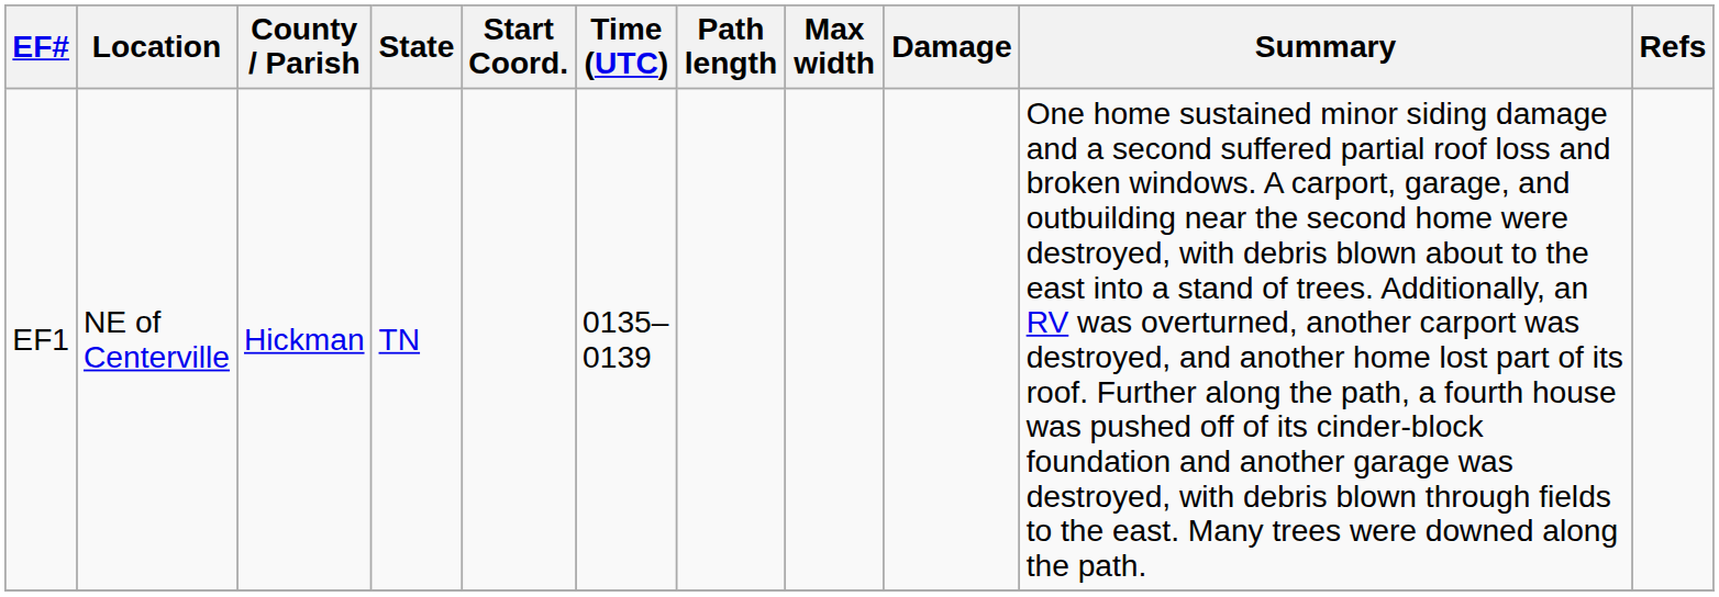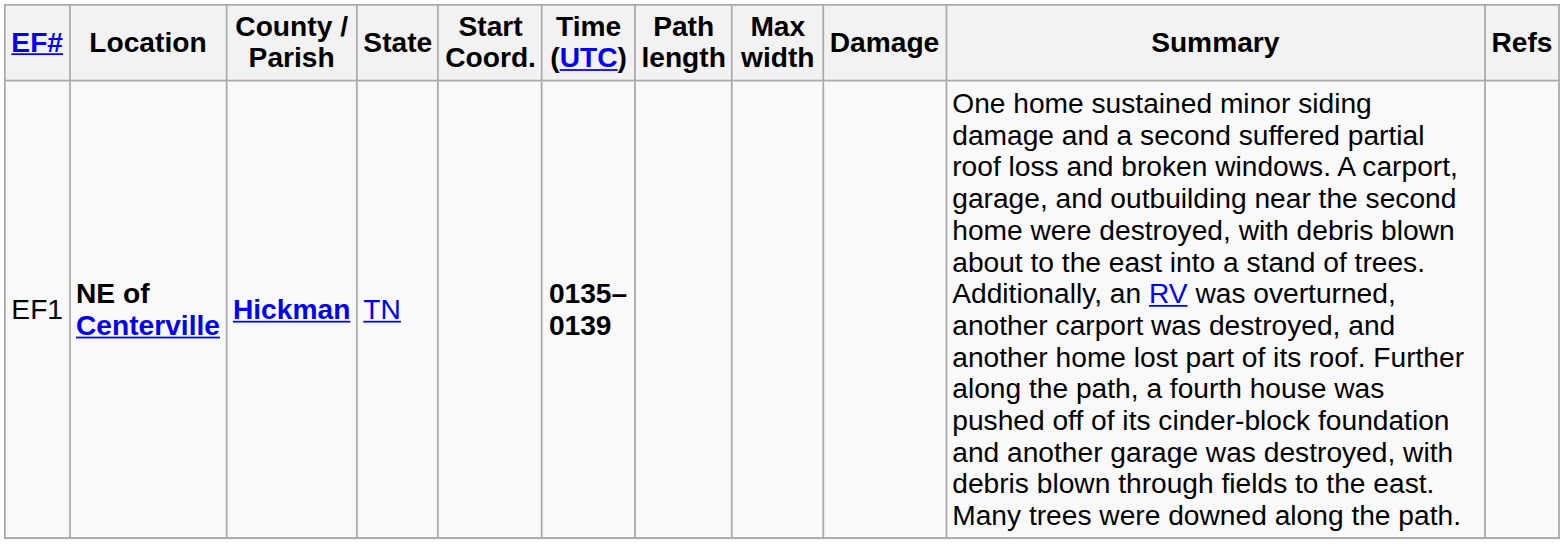 <table class="wikitable sortable" style="width:100%;">
 <tr>
 <th scope="col" width="3%" align="center"><a href='#'>EF#</a></th>
 <th scope="col" width="7%" align="center" class="unsortable">Location</th>
 <th scope="col" width="6%" align="center" class="unsortable">County / Parish</th>
 <th scope="col" width="5%" align="center">State</th>
 <th scope="col" width="6%" align="center">Start Coord.</th>
 <th scope="col" width="6%" align="center">Time (<a href='#'>UTC</a>)</th>
 <th scope="col" width="6%" align="center">Path length</th>
 <th scope="col" width="6%" align="center">Max width</th>
 <th scope="col" width="6%" align="center">Damage</th>
 <th scope="col" width="48%" class="unsortable" align="center">Summary</th>
 <th scope="col" width="48%" class="unsortable" align="center">Refs</th>
 </tr>
 <tr>
 <td>EF1</td>
-<td>NE of <a href='#'>Centerville</a></td>
-<td><a href='#'>Hickman</a></td>
+<td><strong>NE of <a href='#'>Centerville</a></strong></td>
+<td><strong><a href='#'>Hickman</a></strong></td>
 <td><a href='#'>TN</a></td>
 <td></td>
-<td>0135–0139</td>
+<td><strong>0135–0139</strong></td>
 <td></td>
 <td></td>
 <td></td>
 <td>One home sustained minor siding damage and a second suffered partial roof loss and broken windows. A carport, garage, and outbuilding near the second home were destroyed, with debris blown about  to the east into a stand of trees. Additionally, an <a href='#'>RV</a> was overturned, another carport was destroyed, and another home lost part of its roof. Further along the path, a fourth house was pushed off of its cinder-block foundation and another garage was destroyed, with debris blown through fields to the east. Many trees were downed along the path.</td>
 <td></td>
 </tr>
 <tr>
 </tr>
 </table>
